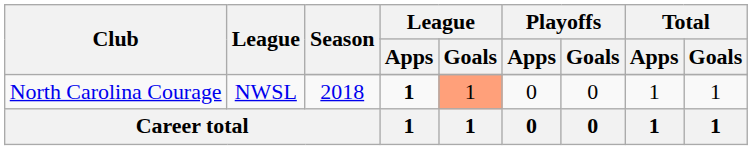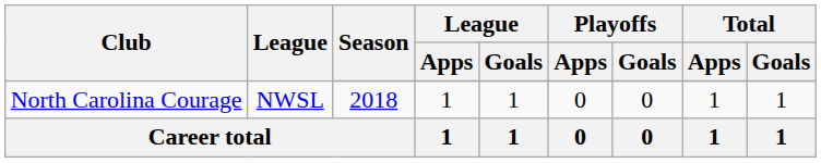 <table class="wikitable" style="text-align: center;">
 <tr>
 <th rowspan="2">Club</th>
 <th rowspan="2">League</th>
 <th rowspan="2">Season</th>
 <th colspan="2">League</th>
 <th colspan="2">Playoffs</th>
 <th colspan="2">Total</th>
 </tr>
 <tr>
 <th>Apps</th>
 <th>Goals</th>
 <th>Apps</th>
 <th>Goals</th>
 <th>Apps</th>
 <th>Goals</th>
 </tr>
 <tr>
 <td rowspan="2"><a href='#'>North Carolina Courage</a></td>
 <td rowspan="2"><a href='#'>NWSL</a></td>
 </tr>
 <tr>
 <td><a href='#'>2018</a></td>
-<td><strong>1</strong></td>
-<td style="background: lightsalmon;">1</td>
+<td>1</td>
+<td>1</td>
 <td>0</td>
 <td>0</td>
 <td>1</td>
 <td>1</td>
 </tr>
 <tr>
 <th colspan="3">Career total</th>
 <th>1</th>
 <th>1</th>
 <th>0</th>
 <th>0</th>
 <th>1</th>
 <th>1</th>
 </tr>
 </table>
